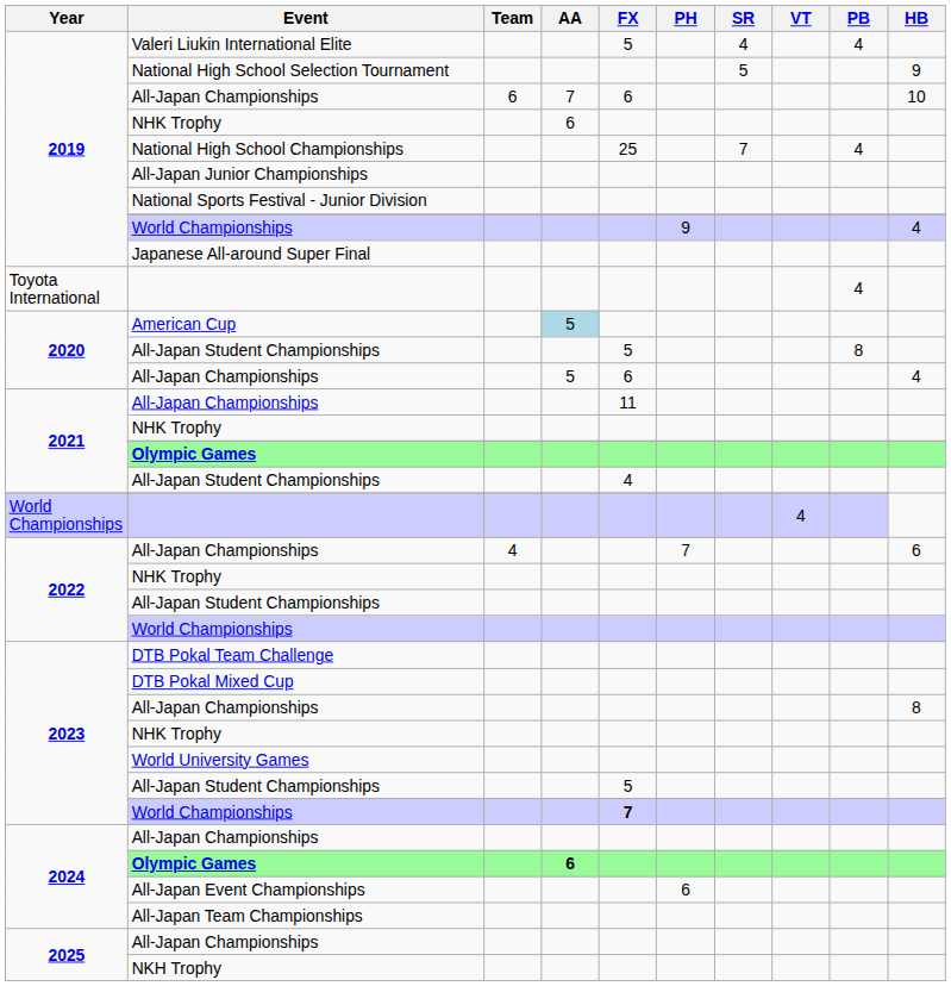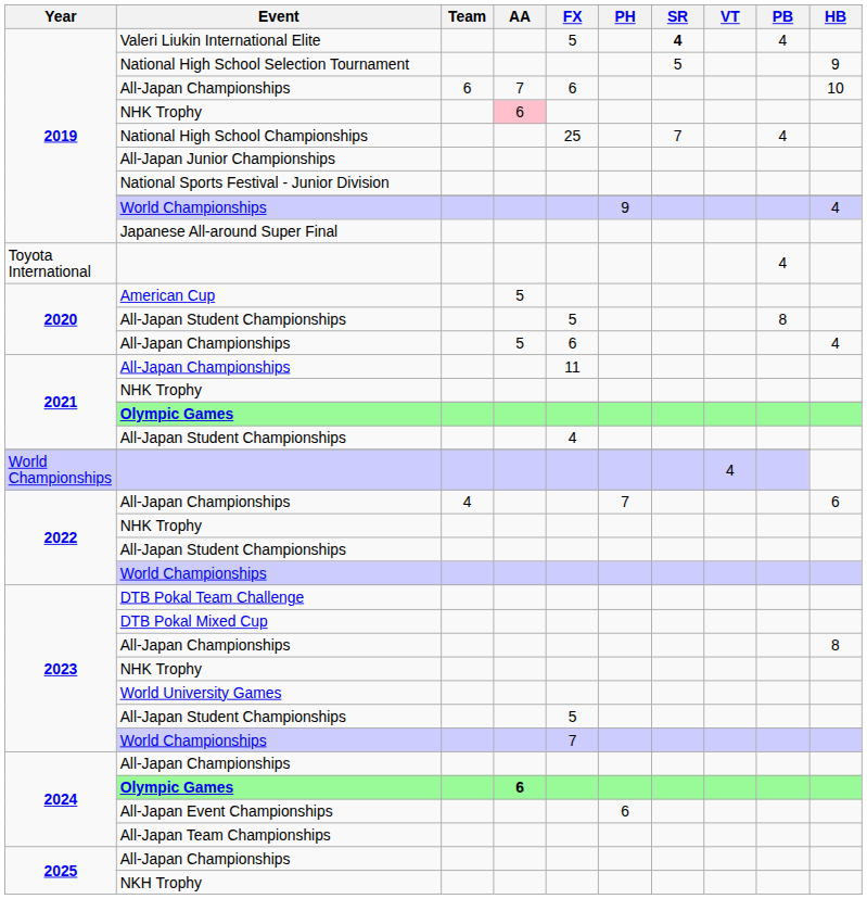 <table class="wikitable sortable" style="text-align:center; font-size:95%;">
 <tr>
 <th width=7% class=unsortable>Year</th>
 <th width=37% class=unsortable>Event</th>
 <th width=6% class=unsortable>Team</th>
 <th width=6% class=unsortable>AA</th>
 <th width=6% class=unsortable><a href='#'>FX</a></th>
 <th width=6% class=unsortable><a href='#'>PH</a></th>
 <th width=6% class=unsortable><a href='#'>SR</a></th>
 <th width=6% class=unsortable><a href='#'>VT</a></th>
 <th width=6% class=unsortable><a href='#'>PB</a></th>
 <th width=6% class=unsortable><a href='#'>HB</a></th>
 </tr>
 <tr>
 <td rowspan="10"><strong><a href='#'>2019</a></strong></td>
 <td align=left>Valeri Liukin International Elite</td>
 <td></td>
 <td></td>
 <td>5</td>
 <td></td>
-<td>4</td>
+<td><strong>4</strong></td>
 <td></td>
 <td>4</td>
 <td></td>
 </tr>
 <tr>
 <td align=left>National High School Selection Tournament</td>
 <td></td>
 <td></td>
 <td></td>
 <td></td>
 <td>5</td>
 <td></td>
 <td></td>
 <td>9</td>
 </tr>
 <tr>
 <td align=left>All-Japan Championships</td>
 <td>6</td>
 <td>7</td>
 <td>6</td>
 <td></td>
 <td></td>
 <td></td>
 <td></td>
 <td>10</td>
 </tr>
 <tr>
 <td align=left>NHK Trophy</td>
 <td></td>
-<td>6</td>
+<td style="background: pink;">6</td>
 <td></td>
 <td></td>
 <td></td>
 <td></td>
 <td></td>
 <td></td>
 </tr>
 <tr>
 <td align=left>National High School Championships</td>
 <td></td>
 <td></td>
 <td>25</td>
 <td></td>
 <td>7</td>
 <td></td>
 <td>4</td>
 <td></td>
 </tr>
 <tr>
 <td align=left>All-Japan Junior Championships</td>
 <td></td>
 <td></td>
 <td></td>
 <td></td>
 <td></td>
 <td></td>
 <td></td>
 <td></td>
 </tr>
 <tr>
 <td align=left>National Sports Festival - Junior Division</td>
 <td></td>
 <td></td>
 <td></td>
 <td></td>
 <td></td>
 <td></td>
 <td></td>
 <td></td>
 </tr>
 <tr>
 </tr>
 <tr bgcolor=#CCCCFF>
 <td align=left><a href='#'>World Championships</a></td>
 <td></td>
 <td></td>
 <td></td>
 <td>9</td>
 <td></td>
 <td></td>
 <td></td>
 <td>4</td>
 </tr>
 <tr>
 <td align=left>Japanese All-around Super Final</td>
 <td></td>
 <td></td>
 <td></td>
 <td></td>
 <td></td>
 <td></td>
 <td></td>
 <td></td>
 </tr>
 <tr>
 <td align=left>Toyota International</td>
 <td></td>
 <td></td>
 <td></td>
 <td></td>
 <td></td>
 <td></td>
 <td></td>
 <td>4</td>
 </tr>
 <tr>
 <td rowspan="3"><strong><a href='#'>2020</a></strong></td>
 <td align=left><a href='#'>American Cup</a></td>
 <td></td>
-<td style="background: lightblue;">5</td>
+<td>5</td>
 <td></td>
 <td></td>
 <td></td>
 <td></td>
 <td></td>
 <td></td>
 </tr>
 <tr>
 <td align=left>All-Japan Student Championships</td>
 <td></td>
 <td></td>
 <td>5</td>
 <td></td>
 <td></td>
 <td></td>
 <td>8</td>
 <td></td>
 </tr>
 <tr>
 <td align=left>All-Japan Championships</td>
 <td></td>
 <td>5</td>
 <td>6</td>
 <td></td>
 <td></td>
 <td></td>
 <td></td>
 <td>4</td>
 </tr>
 <tr>
 <td rowspan="5"><strong><a href='#'>2021</a></strong></td>
 <td align=left><a href='#'>All-Japan Championships</a></td>
 <td></td>
 <td></td>
 <td>11</td>
 <td></td>
 <td></td>
 <td></td>
 <td></td>
 <td></td>
 </tr>
 <tr>
 <td align=left>NHK Trophy</td>
 <td></td>
 <td></td>
 <td></td>
 <td></td>
 <td></td>
 <td></td>
 <td></td>
 <td></td>
 </tr>
 <tr>
 </tr>
 <tr bgcolor=98FB98>
 <td align=left><strong><a href='#'>Olympic Games</a></strong></td>
 <td></td>
 <td></td>
 <td></td>
 <td></td>
 <td></td>
 <td></td>
 <td></td>
 <td></td>
 </tr>
 <tr>
 <td align=left>All-Japan Student Championships</td>
 <td></td>
 <td></td>
 <td>4</td>
 <td></td>
 <td></td>
 <td></td>
 <td></td>
 <td></td>
 </tr>
 <tr>
 </tr>
 <tr bgcolor=#CCCCFF>
 <td align=left><a href='#'>World Championships</a></td>
 <td></td>
 <td></td>
 <td></td>
 <td></td>
 <td></td>
 <td></td>
 <td>4</td>
 <td></td>
 </tr>
 <tr>
 <td rowspan="4"><strong><a href='#'>2022</a></strong></td>
 <td align=left>All-Japan Championships</td>
 <td>4</td>
 <td></td>
 <td></td>
 <td>7</td>
 <td></td>
 <td></td>
 <td></td>
 <td>6</td>
 </tr>
 <tr>
 <td align=left>NHK Trophy</td>
 <td></td>
 <td></td>
 <td></td>
 <td></td>
 <td></td>
 <td></td>
 <td></td>
 <td></td>
 </tr>
 <tr>
 <td align=left>All-Japan Student Championships</td>
 <td></td>
 <td></td>
 <td></td>
 <td></td>
 <td></td>
 <td></td>
 <td></td>
 <td></td>
 </tr>
 <tr bgcolor=#CCCCFF>
 <td align=left><a href='#'>World Championships</a></td>
 <td></td>
 <td></td>
 <td></td>
 <td></td>
 <td></td>
 <td></td>
 <td></td>
 <td></td>
 </tr>
 <tr>
 <td rowspan="7"><strong><a href='#'>2023</a></strong></td>
 <td align=left><a href='#'>DTB Pokal Team Challenge</a></td>
 <td></td>
 <td></td>
 <td></td>
 <td></td>
 <td></td>
 <td></td>
 <td></td>
 <td></td>
 </tr>
 <tr>
 <td align=left><a href='#'>DTB Pokal Mixed Cup</a></td>
 <td></td>
 <td></td>
 <td></td>
 <td></td>
 <td></td>
 <td></td>
 <td></td>
 <td></td>
 </tr>
 <tr>
 <td align=left>All-Japan Championships</td>
 <td></td>
 <td></td>
 <td></td>
 <td></td>
 <td></td>
 <td></td>
 <td></td>
 <td>8</td>
 </tr>
 <tr>
 <td align=left>NHK Trophy</td>
 <td></td>
 <td></td>
 <td></td>
 <td></td>
 <td></td>
 <td></td>
 <td></td>
 <td></td>
 </tr>
 <tr>
 <td align=left><a href='#'>World University Games</a></td>
 <td></td>
 <td></td>
 <td></td>
 <td></td>
 <td></td>
 <td></td>
 <td></td>
 <td></td>
 </tr>
 <tr>
 <td align=left>All-Japan Student Championships</td>
 <td></td>
 <td></td>
 <td>5</td>
 <td></td>
 <td></td>
 <td></td>
 <td></td>
 <td></td>
 </tr>
 <tr bgcolor=#CCCCFF>
 <td align=left><a href='#'>World Championships</a></td>
 <td></td>
 <td></td>
-<td><strong>7</strong></td>
+<td>7</td>
 <td></td>
 <td></td>
 <td></td>
 <td></td>
 <td></td>
 </tr>
 <tr>
 <td rowspan="4"><strong><a href='#'>2024</a></strong></td>
 <td align=left>All-Japan Championships</td>
 <td></td>
 <td></td>
 <td></td>
 <td></td>
 <td></td>
 <td></td>
 <td></td>
 <td></td>
 </tr>
 <tr bgcolor=98FB98>
 <td align=left><strong><a href='#'>Olympic Games</a></strong></td>
 <td></td>
 <td><strong>6</strong></td>
 <td></td>
 <td></td>
 <td></td>
 <td></td>
 <td></td>
 <td></td>
 </tr>
 <tr>
 <td align=left>All-Japan Event Championships</td>
 <td></td>
 <td></td>
 <td></td>
 <td>6</td>
 <td></td>
 <td></td>
 <td></td>
 <td></td>
 </tr>
 <tr>
 <td align=left>All-Japan Team Championships</td>
 <td></td>
 <td></td>
 <td></td>
 <td></td>
 <td></td>
 <td></td>
 <td></td>
 <td></td>
 </tr>
 <tr>
 <td rowspan="2"><strong><a href='#'>2025</a></strong></td>
 <td align=left>All-Japan Championships</td>
 <td></td>
 <td></td>
 <td></td>
 <td></td>
 <td></td>
 <td></td>
 <td></td>
 <td></td>
 </tr>
 <tr>
 <td align=left>NKH Trophy</td>
 <td></td>
 <td></td>
 <td></td>
 <td></td>
 <td></td>
 <td></td>
 <td></td>
 <td></td>
 </tr>
 </table>
